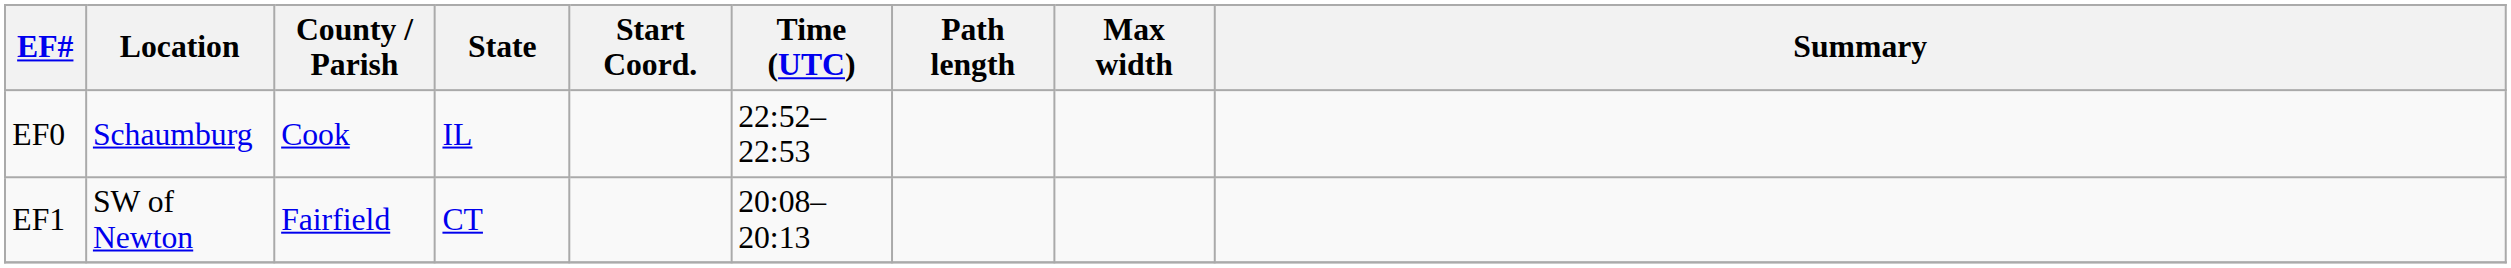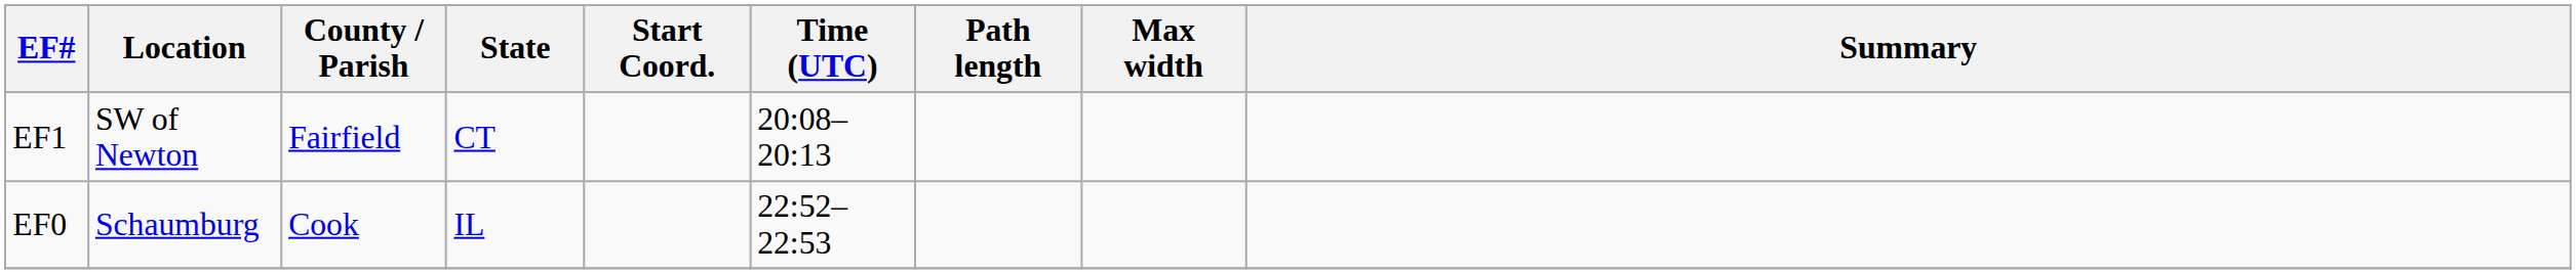 <table class="wikitable sortable" style="width:100%;">
 <tr>
 <th scope="col"  style="width:3%; text-align:center;"><a href='#'>EF#</a></th>
 <th scope="col"  style="width:7%; text-align:center;" class="unsortable">Location</th>
 <th scope="col"  style="width:6%; text-align:center;" class="unsortable">County / Parish</th>
 <th scope="col"  style="width:5%; text-align:center;">State</th>
 <th scope="col"  style="width:6%; text-align:center;">Start Coord.</th>
 <th scope="col"  style="width:6%; text-align:center;">Time (<a href='#'>UTC</a>)</th>
 <th scope="col"  style="width:6%; text-align:center;">Path length</th>
 <th scope="col"  style="width:6%; text-align:center;">Max width</th>
 <th scope="col" class="unsortable" style="width:48%; text-align:center;">Summary</th>
 </tr>
 <tr>
+<td>EF1</td>
+<td>SW of <a href='#'>Newton</a></td>
+<td><a href='#'>Fairfield</a></td>
+<td><a href='#'>CT</a></td>
+<td></td>
+<td>20:08–20:13</td>
+<td></td>
+<td></td>
+<td></td>
+</tr>
+<tr>
 <td>EF0</td>
 <td><a href='#'>Schaumburg</a></td>
 <td><a href='#'>Cook</a></td>
 <td><a href='#'>IL</a></td>
 <td></td>
 <td>22:52–22:53</td>
 <td></td>
 <td></td>
 <td></td>
 </tr>
 <tr>
-<td>EF1</td>
-<td>SW of <a href='#'>Newton</a></td>
-<td><a href='#'>Fairfield</a></td>
-<td><a href='#'>CT</a></td>
-<td></td>
-<td>20:08–20:13</td>
-<td></td>
-<td></td>
-<td></td>
-</tr>
-<tr>
 </tr>
 </table>
